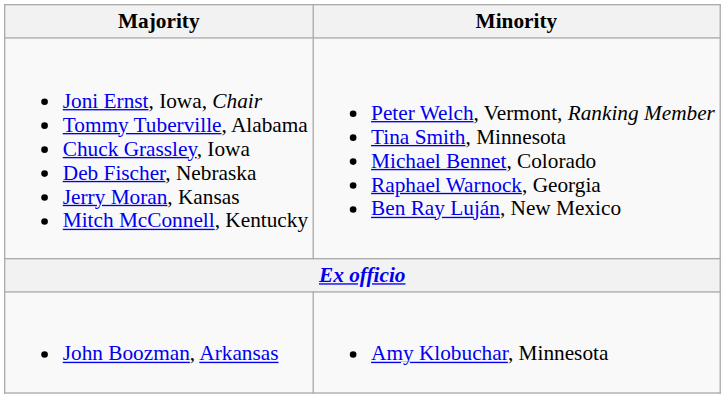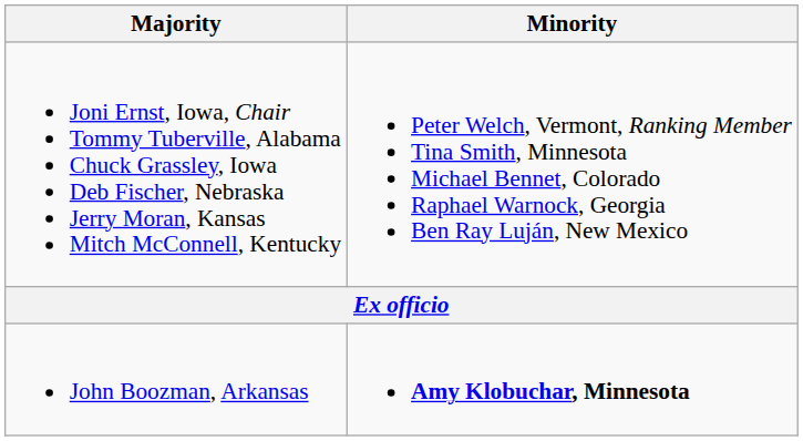 <table class=wikitable>
 <tr>
 <th>Majority</th>
 <th>Minority</th>
 </tr>
 <tr>
 <td><br><ul><li><a href='#'>Joni Ernst</a>, Iowa, <em>Chair</em></li><li><a href='#'>Tommy Tuberville</a>, Alabama</li><li><a href='#'>Chuck Grassley</a>, Iowa</li><li><a href='#'>Deb Fischer</a>, Nebraska</li><li><a href='#'>Jerry Moran</a>, Kansas</li><li><a href='#'>Mitch McConnell</a>, Kentucky</li></ul></td>
 <td><br><ul><li><a href='#'>Peter Welch</a>, Vermont, <em>Ranking Member</em></li><li><a href='#'>Tina Smith</a>, Minnesota</li><li><a href='#'>Michael Bennet</a>, Colorado</li><li><a href='#'>Raphael Warnock</a>, Georgia</li><li><a href='#'>Ben Ray Luján</a>, New Mexico</li></ul></td>
 </tr>
 <tr>
 <th colspan=2><em><a href='#'>Ex officio</a></em></th>
 </tr>
 <tr>
 <td><br><ul><li><a href='#'>John Boozman</a>, <a href='#'>Arkansas</a></li></ul></td>
-<td><br><ul><li><a href='#'>Amy Klobuchar</a>, Minnesota</li></ul></td>
+<td><strong><br><ul><li><a href='#'>Amy Klobuchar</a>, Minnesota</li></ul></strong></td>
 </tr>
 </table>
